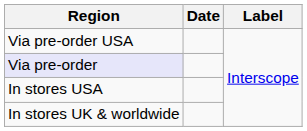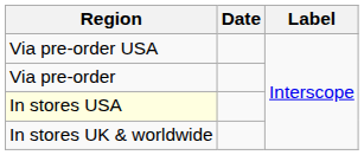 <table class="wikitable sortable">
 <tr>
 <th>Region</th>
 <th>Date</th>
 <th>Label</th>
 </tr>
 <tr>
 <td>Via pre-order USA</td>
 <td></td>
 <td rowspan="4"><a href='#'>Interscope</a></td>
 </tr>
 <tr>
-<td style="background: lavender;">Via pre-order</td>
+<td>Via pre-order</td>
 <td></td>
 </tr>
 <tr>
-<td>In stores USA</td>
+<td style="background: lightyellow;">In stores USA</td>
 <td></td>
 </tr>
 <tr>
 <td>In stores UK & worldwide</td>
 <td></td>
 </tr>
 </table>
